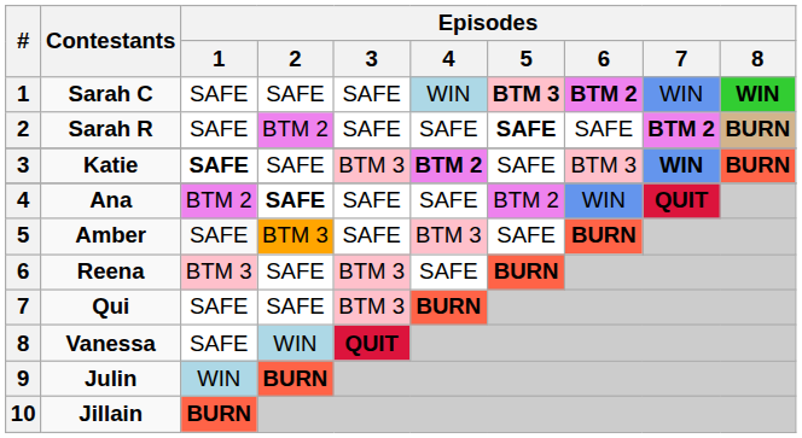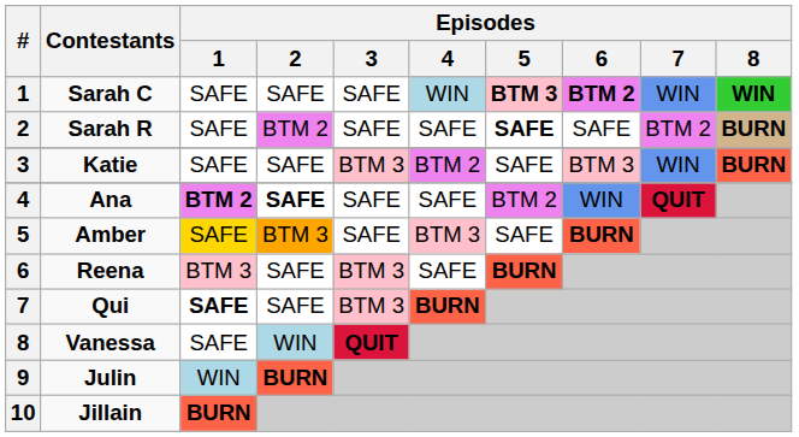 <table class="wikitable" border="1" style="text-align:center">
 <tr>
 <th rowspan=2>#</th>
 <th rowspan=2>Contestants</th>
 <th colspan=8>Episodes</th>
 </tr>
 <tr>
 <th>1</th>
 <th>2</th>
 <th>3</th>
 <th>4</th>
 <th>5</th>
 <th>6</th>
 <th>7</th>
 <th>8</th>
 </tr>
 <tr>
 <th>1</th>
 <td><strong>Sarah C</strong></td>
 <td bgcolor="white">SAFE</td>
 <td bgcolor="white">SAFE</td>
 <td bgcolor="white">SAFE</td>
 <td bgcolor="lightblue">WIN</td>
 <td bgcolor="pink"><strong>BTM 3</strong></td>
 <td bgcolor="violet"><strong>BTM 2</strong></td>
 <td bgcolor="cornflowerblue">WIN</td>
 <td bgcolor="limegreen"><strong>WIN</strong></td>
 </tr>
 <tr>
 <th>2</th>
 <td><strong>Sarah R</strong></td>
 <td bgcolor="white">SAFE</td>
 <td bgcolor="violet">BTM 2</td>
 <td bgcolor="white">SAFE</td>
 <td bgcolor="white">SAFE</td>
 <td bgcolor="white"><strong>SAFE</strong></td>
 <td bgcolor="white">SAFE</td>
-<td bgcolor="violet"><strong>BTM 2</strong></td>
+<td bgcolor="violet">BTM 2</td>
 <td bgcolor="tan"><strong>BURN</strong></td>
 </tr>
 <tr>
 </tr>
 <tr>
 <th>3</th>
 <td><strong>Katie</strong></td>
-<td bgcolor="white"><strong>SAFE</strong></td>
+<td bgcolor="white">SAFE</td>
 <td bgcolor="white">SAFE</td>
 <td bgcolor="pink">BTM 3</td>
-<td bgcolor="violet"><strong>BTM 2</strong></td>
+<td bgcolor="violet">BTM 2</td>
 <td bgcolor="white">SAFE</td>
 <td bgcolor="pink">BTM 3</td>
-<td bgcolor="cornflowerblue"><strong>WIN</strong></td>
+<td bgcolor="cornflowerblue">WIN</td>
 <td bgcolor="tomato"><strong>BURN</strong></td>
 </tr>
 <tr>
 </tr>
 <tr>
 <th>4</th>
 <td><strong>Ana</strong></td>
-<td bgcolor="violet">BTM 2</td>
+<td bgcolor="violet"><strong>BTM 2</strong></td>
 <td bgcolor="white"><strong>SAFE</strong></td>
 <td bgcolor="white">SAFE</td>
 <td bgcolor="white">SAFE</td>
 <td bgcolor="violet">BTM 2</td>
 <td bgcolor="cornflowerblue">WIN</td>
 <td bgcolor="crimson"><span><strong>QUIT</strong></span></td>
 <td bgcolor="#CCCCCC" colspan=4></td>
 </tr>
 <tr>
 <th>5</th>
 <td><strong>Amber</strong></td>
-<td>SAFE</td>
+<td style="background: gold;">SAFE</td>
 <td bgcolor="orange">BTM 3</td>
 <td bgcolor="white">SAFE</td>
 <td bgcolor="pink">BTM 3</td>
 <td bgcolor="white">SAFE</td>
 <td bgcolor="tomato"><strong>BURN</strong></td>
 <td bgcolor="#CCCCCC" colspan=5></td>
 </tr>
 <tr>
 <th>6</th>
 <td><strong>Reena</strong></td>
 <td bgcolor="pink">BTM 3</td>
 <td bgcolor="white">SAFE</td>
 <td bgcolor="pink">BTM 3</td>
 <td bgcolor="white">SAFE</td>
 <td bgcolor="tomato"><strong>BURN</strong></td>
 <td bgcolor="#CCCCCC" colspan=6></td>
 </tr>
 <tr>
 <th>7</th>
 <td><strong>Qui</strong></td>
-<td bgcolor="white">SAFE</td>
+<td bgcolor="white"><strong>SAFE</strong></td>
 <td bgcolor="white">SAFE</td>
 <td bgcolor="pink">BTM 3</td>
 <td bgcolor="tomato"><strong>BURN</strong></td>
 <td bgcolor="#CCCCCC" colspan=7></td>
 </tr>
 <tr>
 <th>8</th>
 <td><strong>Vanessa</strong></td>
 <td bgcolor="white">SAFE</td>
 <td bgcolor="lightblue">WIN</td>
 <td bgcolor="crimson"><span><strong>QUIT</strong></span></td>
 <td bgcolor="#CCCCCC" colspan=8></td>
 </tr>
 <tr>
 <th>9</th>
 <td><strong>Julin</strong></td>
 <td bgcolor="lightblue">WIN</td>
 <td bgcolor="tomato"><strong>BURN</strong></td>
 <td bgcolor="#CCCCCC" colspan=9></td>
 </tr>
 <tr>
 <th>10</th>
 <td><strong>Jillain</strong></td>
 <td bgcolor="tomato"><strong>BURN</strong></td>
 <td bgcolor="#CCCCCC" colspan=9></td>
 </tr>
 </table>
